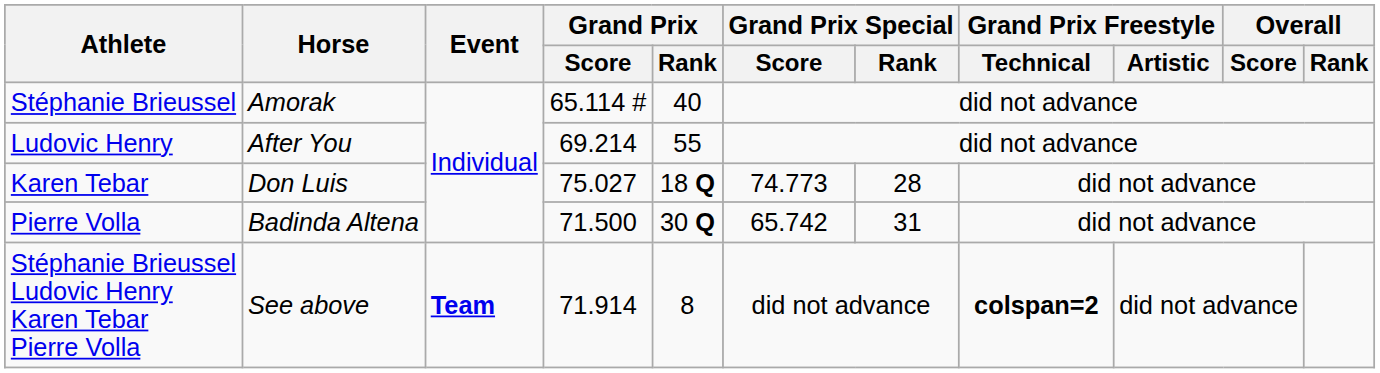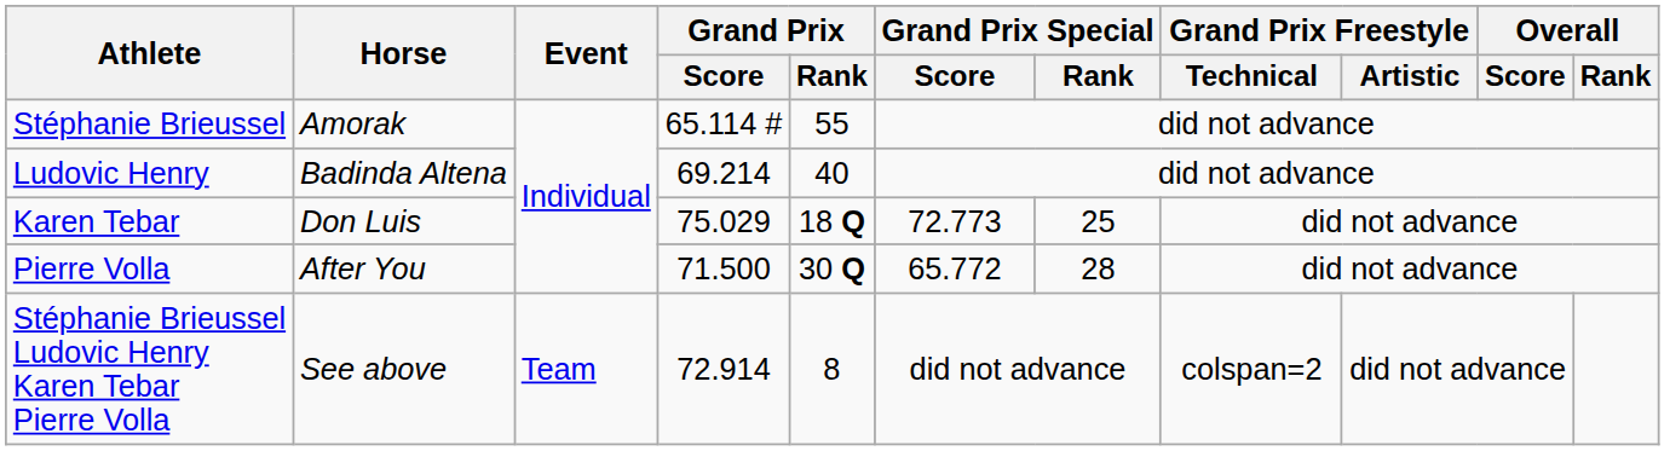 <table class=wikitable style="font-size:90%">
 <tr>
 <th rowspan="2">Athlete</th>
 <th rowspan="2">Horse</th>
 <th rowspan="2">Event</th>
 <th colspan="2">Grand Prix</th>
 <th colspan="2">Grand Prix Special</th>
 <th colspan="2">Grand Prix Freestyle</th>
 <th colspan="2">Overall</th>
 </tr>
 <tr style="font-size:95%">
 <th>Score</th>
 <th>Rank</th>
 <th>Score</th>
 <th>Rank</th>
 <th>Technical</th>
 <th>Artistic</th>
 <th>Score</th>
 <th>Rank</th>
 </tr>
 <tr align=center>
 <td align=left><a href='#'>Stéphanie Brieussel</a></td>
 <td align=left><em>Amorak</em></td>
 <td rowspan="4" style="text-align:left;"><a href='#'>Individual</a></td>
 <td>65.114 #</td>
-<td>40</td>
+<td>55</td>
 <td colspan=6>did not advance</td>
 </tr>
 <tr align=center>
 <td align=left><a href='#'>Ludovic Henry</a></td>
-<td align=left><em>After You</em></td>
+<td align=left><em>Badinda Altena</em></td>
 <td>69.214</td>
-<td>55</td>
+<td>40</td>
 <td colspan=6>did not advance</td>
 </tr>
 <tr align=center>
 <td align=left><a href='#'>Karen Tebar</a></td>
 <td align=left><em>Don Luis</em></td>
-<td>75.027</td>
+<td>75.029</td>
 <td>18 <strong>Q</strong></td>
-<td>74.773</td>
-<td>28</td>
+<td>72.773</td>
+<td>25</td>
 <td colspan=4>did not advance</td>
 </tr>
 <tr align=center>
 <td align=left><a href='#'>Pierre Volla</a></td>
-<td align=left><em>Badinda Altena</em></td>
+<td align=left><em>After You</em></td>
 <td>71.500</td>
 <td>30 <strong>Q</strong></td>
-<td>65.742</td>
-<td>31</td>
+<td>65.772</td>
+<td>28</td>
 <td colspan=4>did not advance</td>
 </tr>
 <tr align=center>
 <td align=left><a href='#'>Stéphanie Brieussel</a><br><a href='#'>Ludovic Henry</a><br><a href='#'>Karen Tebar</a><br><a href='#'>Pierre Volla</a></td>
 <td align=left><em>See above</em></td>
-<td align=left><strong><a href='#'>Team</a></strong></td>
-<td>71.914</td>
+<td align=left><a href='#'>Team</a></td>
+<td>72.914</td>
 <td>8</td>
 <td colspan=2>did not advance</td>
-<td><strong>colspan=2 </strong></td>
+<td>colspan=2 </td>
 <td colspan=2>did not advance</td>
 </tr>
 </table>
